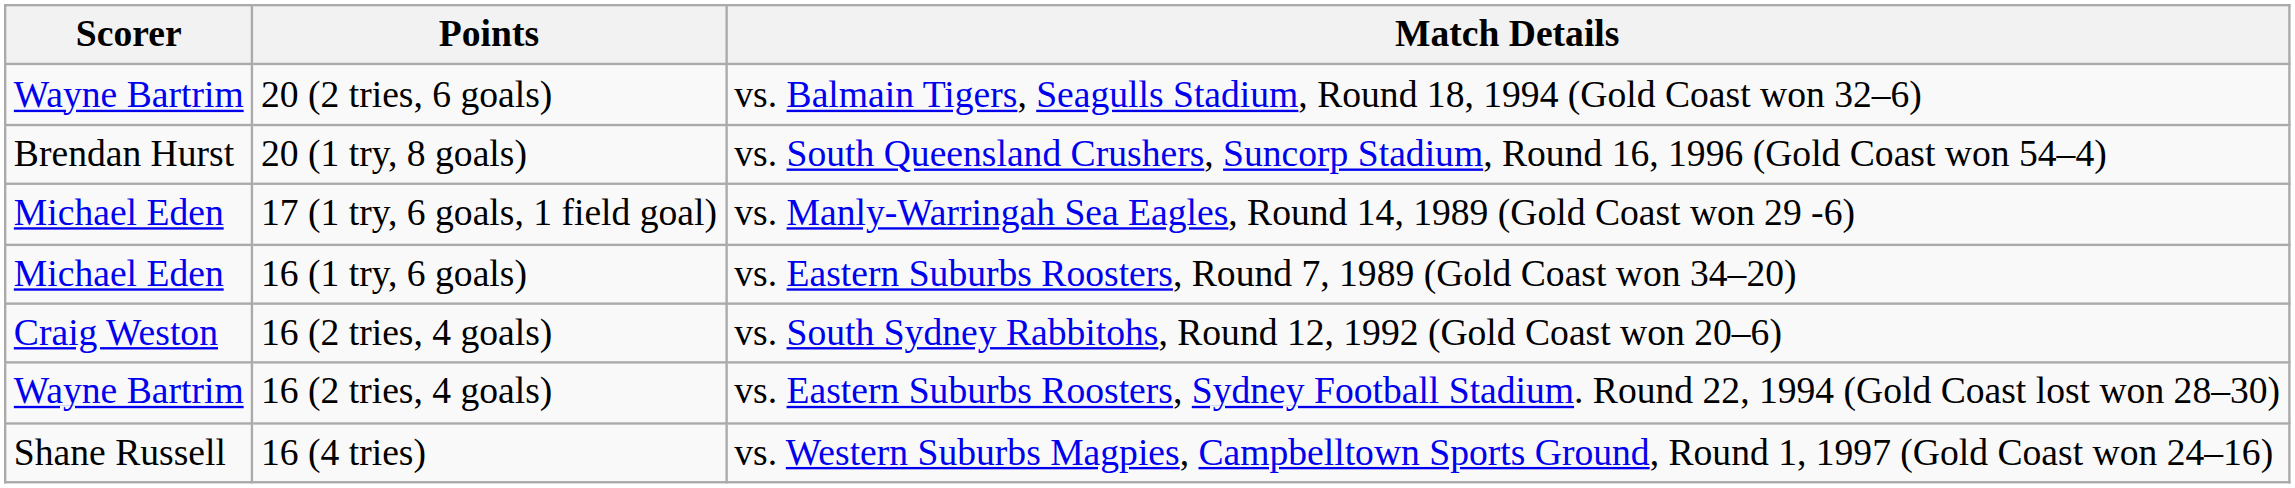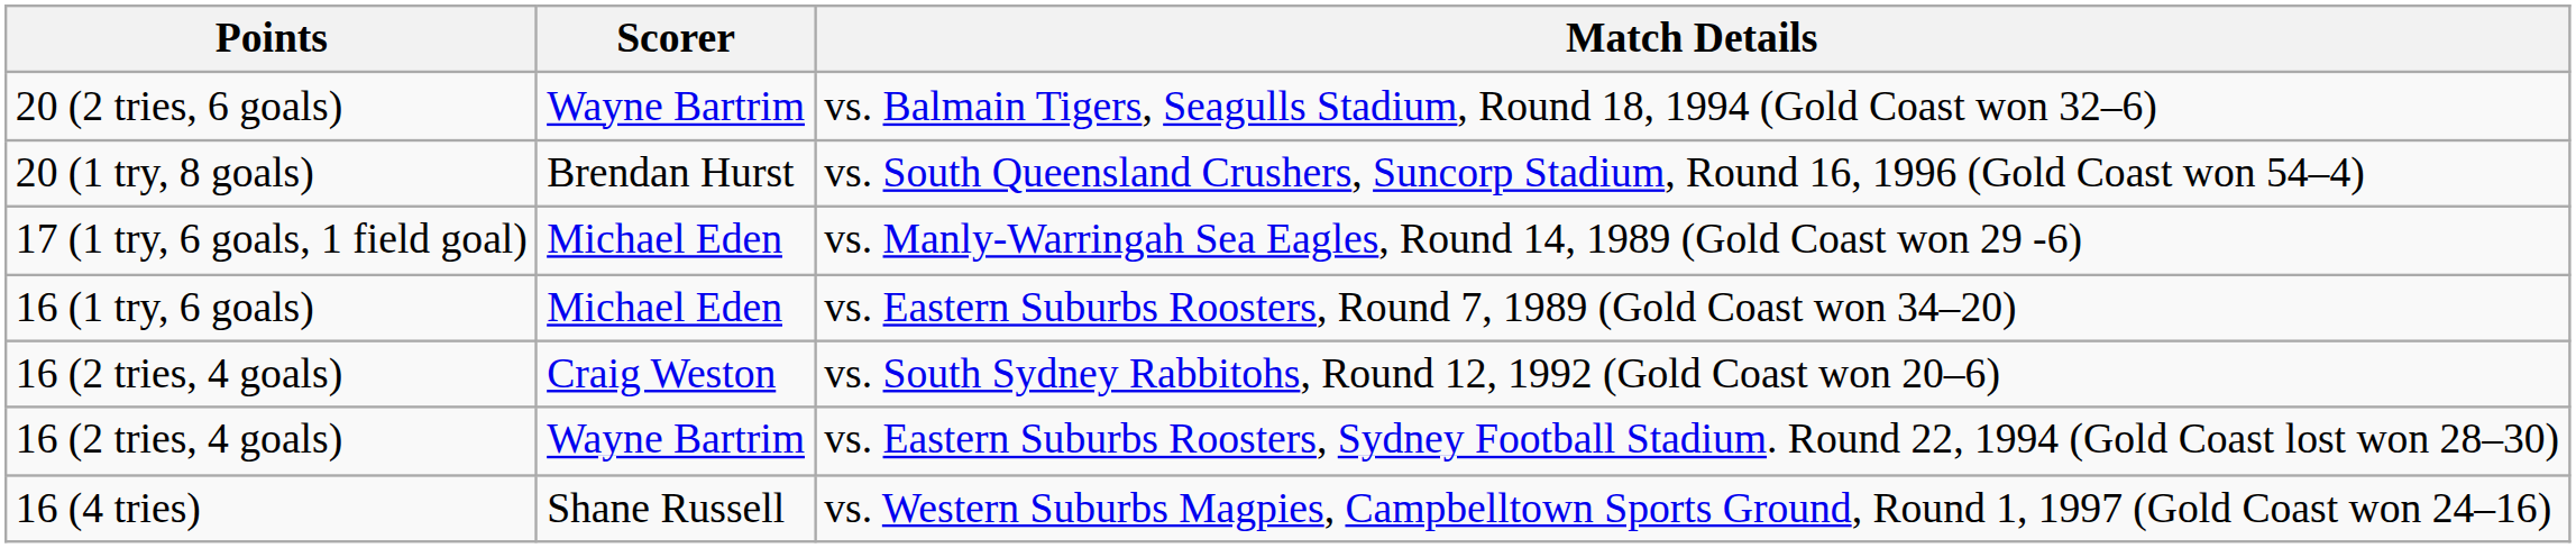 <table class="wikitable">
 <tr>
+<th>Points</th>
 <th>Scorer</th>
-<th>Points</th>
 <th>Match Details</th>
 </tr>
 <tr>
+<td>20 (2 tries, 6 goals)</td>
 <td><a href='#'>Wayne Bartrim</a></td>
-<td>20 (2 tries, 6 goals)</td>
 <td>vs. <a href='#'>Balmain Tigers</a>, <a href='#'>Seagulls Stadium</a>, Round 18, 1994 (Gold Coast won 32–6)</td>
 </tr>
 <tr>
+<td>20 (1 try, 8 goals)</td>
 <td>Brendan Hurst</td>
-<td>20 (1 try, 8 goals)</td>
 <td>vs. <a href='#'>South Queensland Crushers</a>, <a href='#'>Suncorp Stadium</a>, Round 16, 1996 (Gold Coast won 54–4)</td>
 </tr>
 <tr>
+<td>17 (1 try, 6 goals, 1 field goal)</td>
 <td><a href='#'>Michael Eden</a></td>
-<td>17 (1 try, 6 goals, 1 field goal)</td>
 <td>vs. <a href='#'>Manly-Warringah Sea Eagles</a>, Round 14, 1989 (Gold Coast won 29 -6)</td>
 </tr>
 <tr>
+<td>16 (1 try, 6 goals)</td>
 <td><a href='#'>Michael Eden</a></td>
-<td>16 (1 try, 6 goals)</td>
 <td>vs. <a href='#'>Eastern Suburbs Roosters</a>, Round 7, 1989 (Gold Coast won 34–20)</td>
 </tr>
 <tr>
+<td>16 (2 tries, 4 goals)</td>
 <td><a href='#'>Craig Weston</a></td>
-<td>16 (2 tries, 4 goals)</td>
 <td>vs. <a href='#'>South Sydney Rabbitohs</a>, Round 12, 1992 (Gold Coast won 20–6)</td>
 </tr>
 <tr>
+<td>16 (2 tries, 4 goals)</td>
 <td><a href='#'>Wayne Bartrim</a></td>
-<td>16 (2 tries, 4 goals)</td>
 <td>vs. <a href='#'>Eastern Suburbs Roosters</a>, <a href='#'>Sydney Football Stadium</a>. Round 22, 1994 (Gold Coast lost won 28–30)</td>
 </tr>
 <tr>
+<td>16 (4 tries)</td>
 <td>Shane Russell</td>
-<td>16 (4 tries)</td>
 <td>vs. <a href='#'>Western Suburbs Magpies</a>, <a href='#'>Campbelltown Sports Ground</a>, Round 1, 1997 (Gold Coast won 24–16)</td>
 </tr>
 </table>
